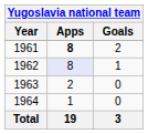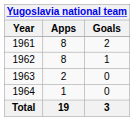 <table class="wikitable" style="text-align:center">
 <tr>
 <th colspan=3><a href='#'>Yugoslavia national team</a></th>
 </tr>
 <tr>
 <th>Year</th>
 <th>Apps</th>
 <th>Goals</th>
 </tr>
 <tr>
 </tr>
 <tr>
 <td>1961</td>
-<td><strong>8</strong></td>
+<td>8</td>
 <td>2</td>
 </tr>
 <tr>
 <td>1962</td>
-<td style="background: lavender;">8</td>
+<td>8</td>
 <td>1</td>
 </tr>
 <tr>
 <td>1963</td>
 <td>2</td>
 <td>0</td>
 </tr>
 <tr>
 <td>1964</td>
 <td>1</td>
 <td>0</td>
 </tr>
 <tr>
 <th>Total</th>
 <th>19</th>
 <th>3</th>
 </tr>
 </table>
